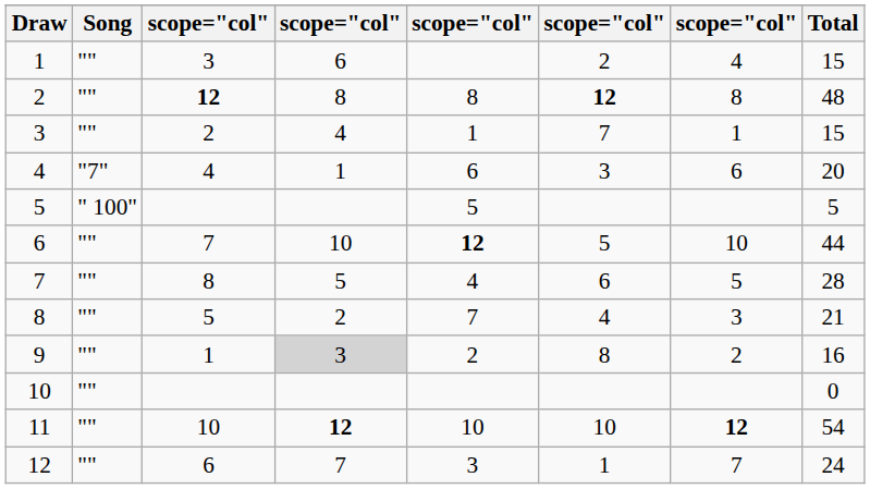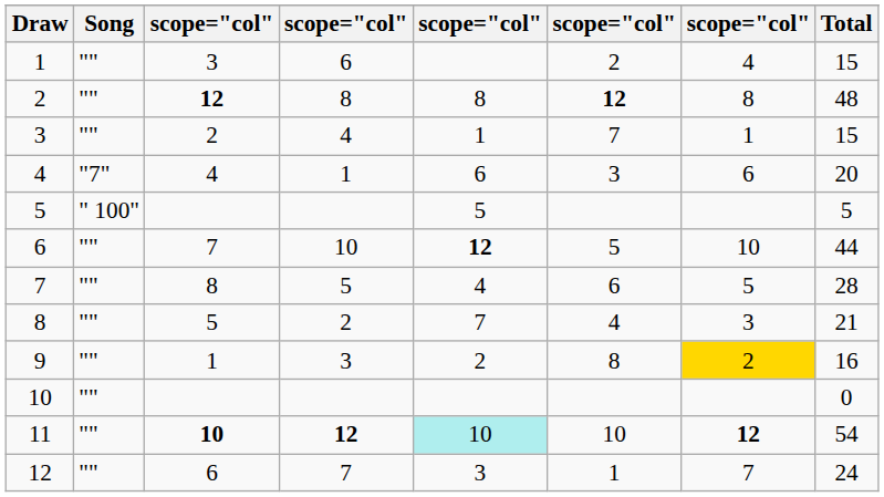 <table class="wikitable collapsible" style="margin: 1em auto 1em auto; text-align:center;">
 <tr>
 </tr>
 <tr>
 <th>Draw</th>
 <th>Song</th>
 <th>scope="col" </th>
 <th>scope="col" </th>
 <th>scope="col" </th>
 <th>scope="col" </th>
 <th>scope="col" </th>
 <th>Total</th>
 </tr>
 <tr>
 <td>1</td>
 <td align="left">""</td>
 <td>3</td>
 <td>6</td>
 <td></td>
 <td>2</td>
 <td>4</td>
 <td>15</td>
 </tr>
 <tr>
 <td>2</td>
 <td align="left">""</td>
 <td><strong>12</strong></td>
 <td>8</td>
 <td>8</td>
 <td><strong>12</strong></td>
 <td>8</td>
 <td>48</td>
 </tr>
 <tr>
 <td>3</td>
 <td align="left">""</td>
 <td>2</td>
 <td>4</td>
 <td>1</td>
 <td>7</td>
 <td>1</td>
 <td>15</td>
 </tr>
 <tr>
 <td>4</td>
 <td align="left">"7"</td>
 <td>4</td>
 <td>1</td>
 <td>6</td>
 <td>3</td>
 <td>6</td>
 <td>20</td>
 </tr>
 <tr>
 <td>5</td>
 <td align="left">" 100"</td>
 <td></td>
 <td></td>
 <td>5</td>
 <td></td>
 <td></td>
 <td>5</td>
 </tr>
 <tr>
 <td>6</td>
 <td align="left">""</td>
 <td>7</td>
 <td>10</td>
 <td><strong>12</strong></td>
 <td>5</td>
 <td>10</td>
 <td>44</td>
 </tr>
 <tr>
 <td>7</td>
 <td align="left">""</td>
 <td>8</td>
 <td>5</td>
 <td>4</td>
 <td>6</td>
 <td>5</td>
 <td>28</td>
 </tr>
 <tr>
 <td>8</td>
 <td align="left">""</td>
 <td>5</td>
 <td>2</td>
 <td>7</td>
 <td>4</td>
 <td>3</td>
 <td>21</td>
 </tr>
 <tr>
 <td>9</td>
 <td align="left">""</td>
 <td>1</td>
-<td style="background: lightgrey;">3</td>
+<td>3</td>
 <td>2</td>
 <td>8</td>
-<td>2</td>
+<td style="background: gold;">2</td>
 <td>16</td>
 </tr>
 <tr>
 <td>10</td>
 <td align="left">""</td>
 <td></td>
 <td></td>
 <td></td>
 <td></td>
 <td></td>
 <td>0</td>
 </tr>
 <tr>
 <td>11</td>
 <td align="left">""</td>
-<td>10</td>
+<td><strong>10</strong></td>
 <td><strong>12</strong></td>
-<td>10</td>
+<td style="background: paleturquoise;">10</td>
 <td>10</td>
 <td><strong>12</strong></td>
 <td>54</td>
 </tr>
 <tr>
 <td>12</td>
 <td align="left">""</td>
 <td>6</td>
 <td>7</td>
 <td>3</td>
 <td>1</td>
 <td>7</td>
 <td>24</td>
 </tr>
 </table>
